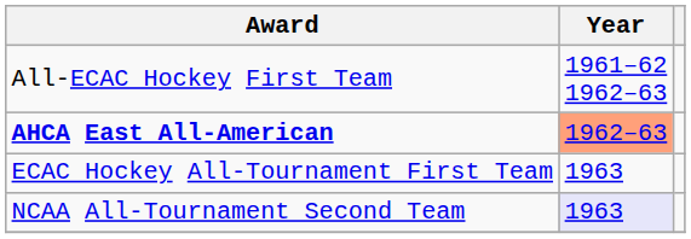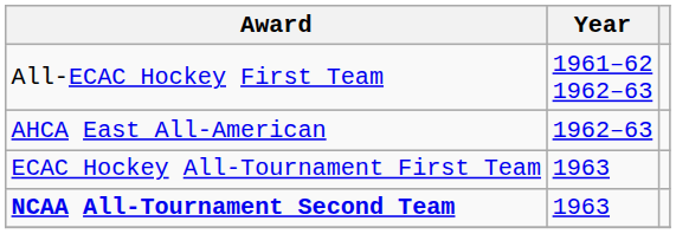 <table class="wikitable">
 <tr>
 <th>Award</th>
 <th>Year</th>
 <th></th>
 </tr>
 <tr>
 <td>All-<a href='#'>ECAC Hockey</a> <a href='#'>First Team</a></td>
 <td><a href='#'>1961–62</a><br><a href='#'>1962–63</a></td>
 <td></td>
 </tr>
 <tr>
-<td><strong><a href='#'>AHCA</a> <a href='#'>East All-American</a></strong></td>
-<td style="background: lightsalmon;"><a href='#'>1962–63</a></td>
+<td><a href='#'>AHCA</a> <a href='#'>East All-American</a></td>
+<td><a href='#'>1962–63</a></td>
 <td></td>
 </tr>
 <tr>
 <td><a href='#'>ECAC Hockey</a> <a href='#'>All-Tournament First Team</a></td>
 <td><a href='#'>1963</a></td>
 <td></td>
 </tr>
 <tr>
-<td><a href='#'>NCAA</a> <a href='#'>All-Tournament Second Team</a></td>
-<td style="background: lavender;"><a href='#'>1963</a></td>
+<td><strong><a href='#'>NCAA</a> <a href='#'>All-Tournament Second Team</a></strong></td>
+<td><a href='#'>1963</a></td>
 <td></td>
 </tr>
 <tr>
 </tr>
 </table>
